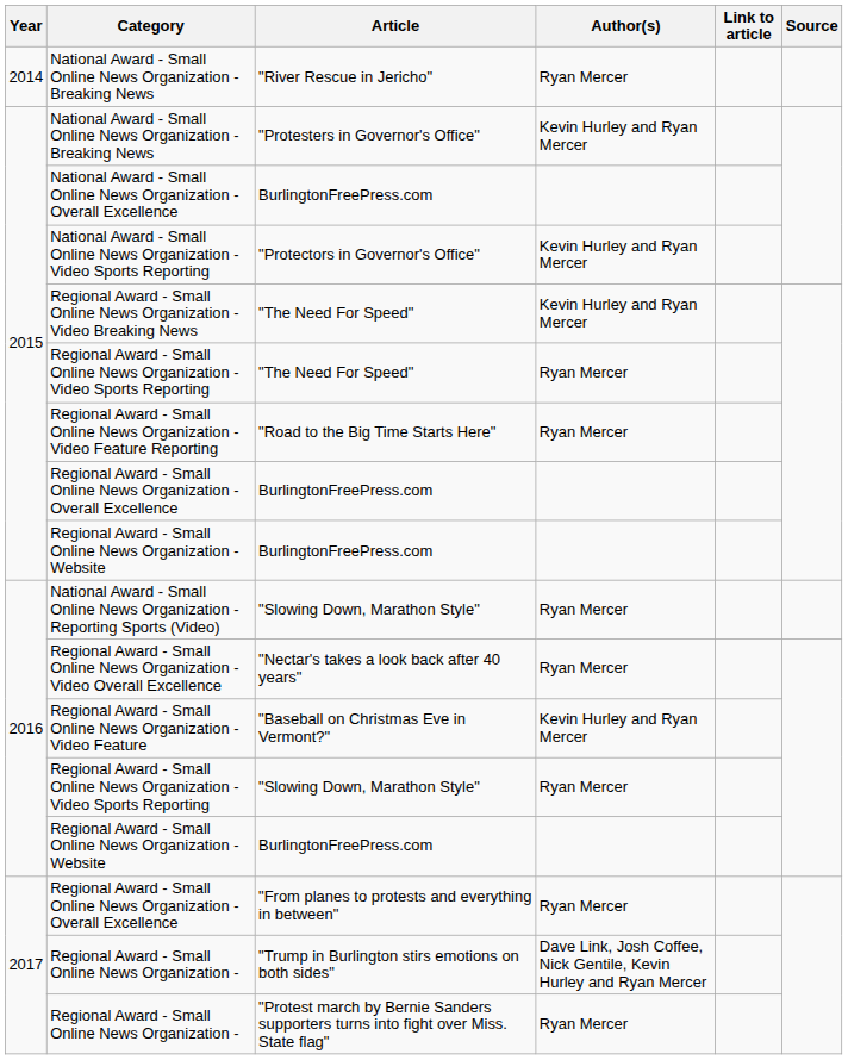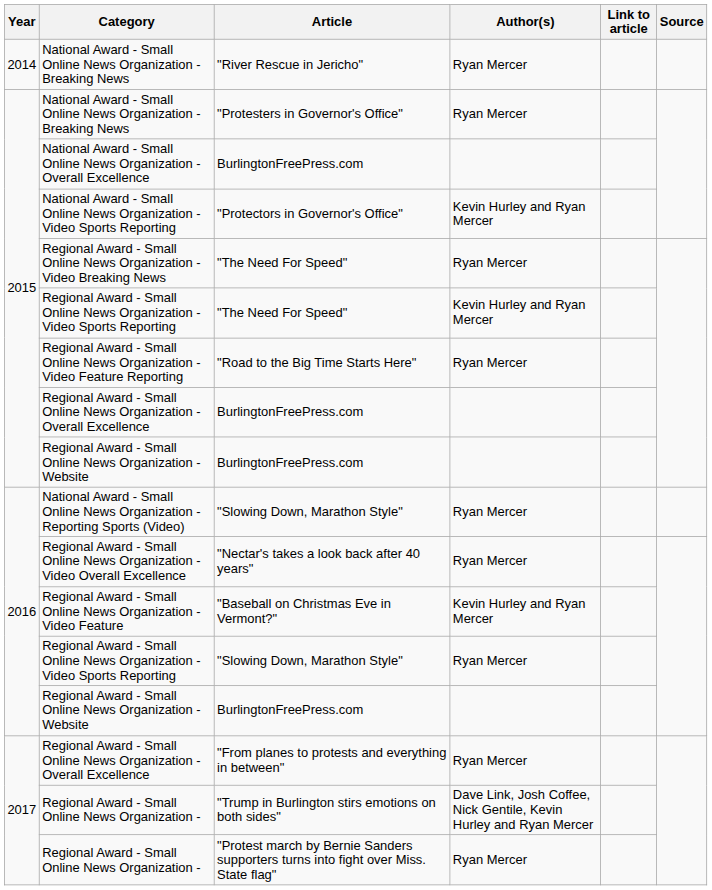 <table class="wikitable sortable">
 <tr>
 <th>Year</th>
 <th>Category</th>
 <th>Article</th>
 <th>Author(s)</th>
 <th>Link to article</th>
 <th>Source</th>
 </tr>
 <tr>
 <td>2014</td>
 <td>National Award - Small Online News Organization - Breaking News</td>
 <td>"River Rescue in Jericho"</td>
 <td>Ryan Mercer</td>
 <td></td>
 <td></td>
 </tr>
 <tr>
 <td rowspan="8">2015</td>
 <td>National Award - Small Online News Organization - Breaking News</td>
 <td>"Protesters in Governor's Office"</td>
-<td>Kevin Hurley and Ryan Mercer</td>
+<td>Ryan Mercer</td>
 <td></td>
 <td rowspan="3"></td>
 </tr>
 <tr>
 <td>National Award - Small Online News Organization - Overall Excellence</td>
 <td>BurlingtonFreePress.com</td>
 <td></td>
 <td></td>
 </tr>
 <tr>
 <td>National Award - Small Online News Organization - Video Sports Reporting</td>
 <td>"Protectors in Governor's Office"</td>
 <td>Kevin Hurley and Ryan Mercer</td>
 <td></td>
 </tr>
 <tr>
 <td>Regional Award - Small Online News Organization - Video Breaking News</td>
 <td>"The Need For Speed"</td>
-<td>Kevin Hurley and Ryan Mercer</td>
+<td>Ryan Mercer</td>
 <td></td>
 <td rowspan="5"></td>
 </tr>
 <tr>
 <td>Regional Award - Small Online News Organization - Video Sports Reporting</td>
 <td>"The Need For Speed"</td>
-<td>Ryan Mercer</td>
+<td>Kevin Hurley and Ryan Mercer</td>
 <td></td>
 </tr>
 <tr>
 <td>Regional Award - Small Online News Organization - Video Feature Reporting</td>
 <td>"Road to the Big Time Starts Here"</td>
 <td>Ryan Mercer</td>
 <td></td>
 </tr>
 <tr>
 <td>Regional Award - Small Online News Organization - Overall Excellence</td>
 <td>BurlingtonFreePress.com</td>
 <td></td>
 <td></td>
 </tr>
 <tr>
 <td>Regional Award - Small Online News Organization - Website</td>
 <td>BurlingtonFreePress.com</td>
 <td></td>
 <td></td>
 </tr>
 <tr>
 <td rowspan="5">2016</td>
 <td>National Award - Small Online News Organization - Reporting Sports (Video)</td>
 <td>"Slowing Down, Marathon Style"</td>
 <td>Ryan Mercer</td>
 <td></td>
 <td></td>
 </tr>
 <tr>
 <td>Regional Award - Small Online News Organization - Video Overall Excellence</td>
 <td>"Nectar's takes a look back after 40 years"</td>
 <td>Ryan Mercer</td>
 <td></td>
 <td rowspan="4"></td>
 </tr>
 <tr>
 <td>Regional Award - Small Online News Organization - Video Feature</td>
 <td>"Baseball on Christmas Eve in Vermont?"</td>
 <td>Kevin Hurley and Ryan Mercer</td>
 <td></td>
 </tr>
 <tr>
 <td>Regional Award - Small Online News Organization - Video Sports Reporting</td>
 <td>"Slowing Down, Marathon Style"</td>
 <td>Ryan Mercer</td>
 <td></td>
 </tr>
 <tr>
 <td>Regional Award - Small Online News Organization - Website</td>
 <td>BurlingtonFreePress.com</td>
 <td></td>
 <td></td>
 </tr>
 <tr>
 <td rowspan="3">2017</td>
 <td>Regional Award - Small Online News Organization - Overall Excellence</td>
 <td>"From planes to protests and everything in between"</td>
 <td>Ryan Mercer</td>
 <td></td>
 <td rowspan="3"></td>
 </tr>
 <tr>
 <td>Regional Award - Small Online News Organization -</td>
 <td>"Trump in Burlington stirs emotions on both sides"</td>
 <td>Dave Link, Josh Coffee, Nick Gentile, Kevin Hurley and Ryan Mercer</td>
 <td></td>
 </tr>
 <tr>
 <td>Regional Award - Small Online News Organization -</td>
 <td>"Protest march by Bernie Sanders supporters turns into fight over Miss. State flag"</td>
 <td>Ryan Mercer</td>
 <td></td>
 </tr>
 </table>
